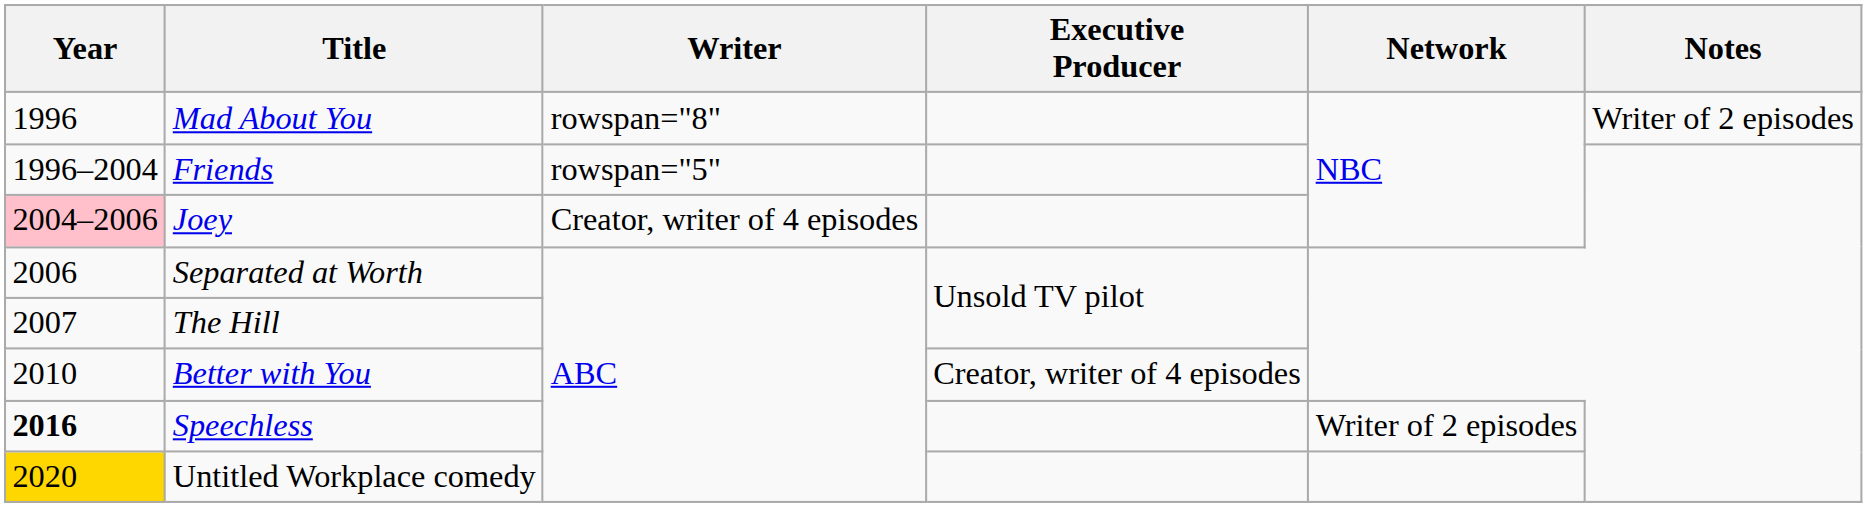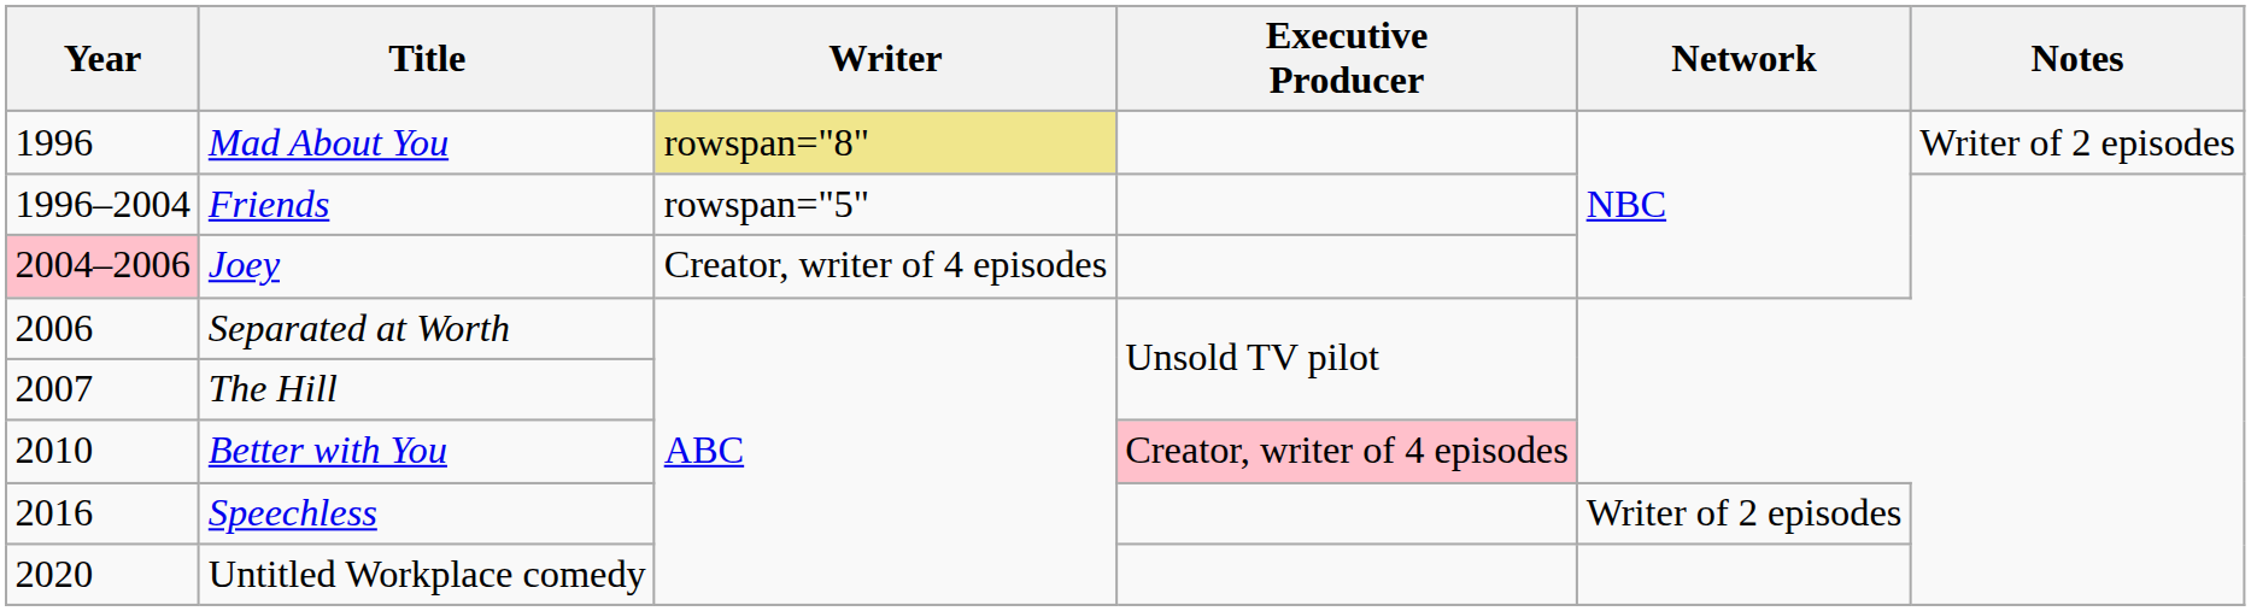 <table class="wikitable sortable">
 <tr style="background:#b0c4de; text-align:center;">
 <th>Year</th>
 <th>Title</th>
 <th>Writer</th>
 <th>Executive<br>Producer</th>
 <th>Network</th>
 <th class="unsortable">Notes</th>
 </tr>
 <tr>
 <td>1996</td>
 <td><em><a href='#'>Mad About You</a></em></td>
-<td>rowspan="8" </td>
+<td style="background: khaki;">rowspan="8" </td>
 <td></td>
 <td rowspan="3"><a href='#'>NBC</a></td>
 <td>Writer of 2 episodes</td>
 </tr>
 <tr>
 <td>1996–2004</td>
 <td><em><a href='#'>Friends</a></em></td>
 <td>rowspan="5" </td>
 <td></td>
 </tr>
 <tr>
 <td style="background: pink;">2004–2006</td>
 <td><em><a href='#'>Joey</a></em></td>
 <td>Creator, writer of 4 episodes</td>
 </tr>
 <tr>
 <td>2006</td>
 <td><em>Separated at Worth</em></td>
 <td rowspan="5"><a href='#'>ABC</a></td>
 <td rowspan="2">Unsold TV pilot</td>
 </tr>
 <tr>
 <td>2007</td>
 <td><em>The Hill</em></td>
 </tr>
 <tr>
 <td>2010</td>
 <td><em><a href='#'>Better with You</a></em></td>
-<td>Creator, writer of 4 episodes</td>
+<td style="background: pink;">Creator, writer of 4 episodes</td>
 </tr>
 <tr>
-<td><strong>2016</strong></td>
+<td>2016</td>
 <td><em><a href='#'>Speechless</a></em></td>
 <td></td>
 <td>Writer of 2 episodes</td>
 </tr>
 <tr>
-<td style="background: gold;">2020</td>
+<td>2020</td>
 <td>Untitled Workplace comedy</td>
 <td></td>
 <td></td>
 </tr>
 </table>
